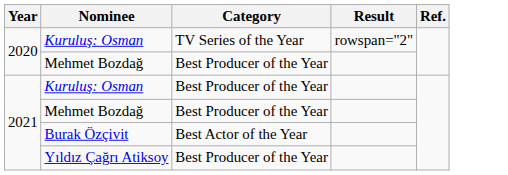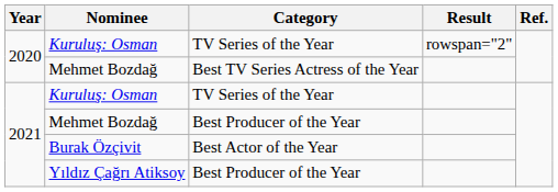 <table class="wikitable">
 <tr>
 <th>Year</th>
 <th>Nominee</th>
 <th>Category</th>
 <th>Result</th>
 <th>Ref.</th>
 </tr>
 <tr>
 <td rowspan="2">2020</td>
 <td><em><a href='#'>Kuruluş: Osman</a></em></td>
 <td>TV Series of the Year</td>
 <td>rowspan="2" </td>
 <td rowspan="2" style="text-align: center;"></td>
 </tr>
 <tr>
 <td>Mehmet Bozdağ</td>
-<td>Best Producer of the Year</td>
+<td>Best TV  Series Actress of the Year</td>
 </tr>
 <tr>
 <td rowspan="5">2021</td>
 <td><em><a href='#'>Kuruluş: Osman</a></em></td>
-<td>Best Producer of the Year</td>
+<td>TV Series of the Year</td>
 <td></td>
 <td rowspan="5"><br></td>
 </tr>
 <tr>
 <td>Mehmet Bozdağ</td>
 <td>Best Producer of the Year</td>
 <td></td>
 </tr>
 <tr>
 <td><a href='#'>Burak Özçivit</a></td>
 <td>Best Actor of the Year</td>
 <td></td>
 </tr>
 <tr>
 <td><a href='#'>Yıldız Çağrı Atiksoy</a></td>
 <td>Best Producer of the Year</td>
 <td></td>
 </tr>
 </table>
